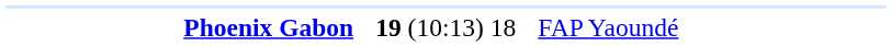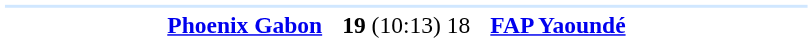 <table style="text-align:center" width=550>
 <tr>
 <th width=30%></th>
 <th width=15%></th>
 <th width=30%></th>
 </tr>
 <tr align="left" bgcolor=#D0E7FF>
 <td colspan=4></td>
 </tr>
 <tr>
 <td align="right"><strong><a href='#'>Phoenix Gabon</a></strong> </td>
 <td><strong>19</strong> (10:13) 18</td>
-<td align=left> <a href='#'>FAP Yaoundé</a></td>
+<td align=left><strong> <a href='#'>FAP Yaoundé</a></strong></td>
 </tr>
 </table>
